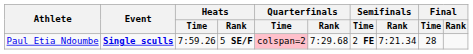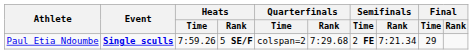 <table class="wikitable" style="font-size:90%">
 <tr>
 <th rowspan="2">Athlete</th>
 <th rowspan="2">Event</th>
 <th colspan="2">Heats</th>
 <th colspan="2">Quarterfinals</th>
 <th colspan="2">Semifinals</th>
 <th colspan="2">Final</th>
 </tr>
 <tr style="font-size:95%">
 <th>Time</th>
 <th>Rank</th>
 <th>Time</th>
 <th>Rank</th>
 <th>Time</th>
 <th>Rank</th>
 <th>Time</th>
 <th>Rank</th>
 </tr>
 <tr align=center>
 <td align=left><a href='#'>Paul Etia Ndoumbe</a></td>
 <td align=left><strong><a href='#'>Single sculls</a></strong></td>
 <td>7:59.26</td>
 <td>5 <strong>SE/F</strong></td>
-<td style="background: pink;">colspan=2 </td>
+<td>colspan=2 </td>
 <td>7:29.68</td>
 <td>2 <strong>FE</strong></td>
 <td>7:21.34</td>
-<td>28</td>
+<td>29</td>
 </tr>
 </table>
